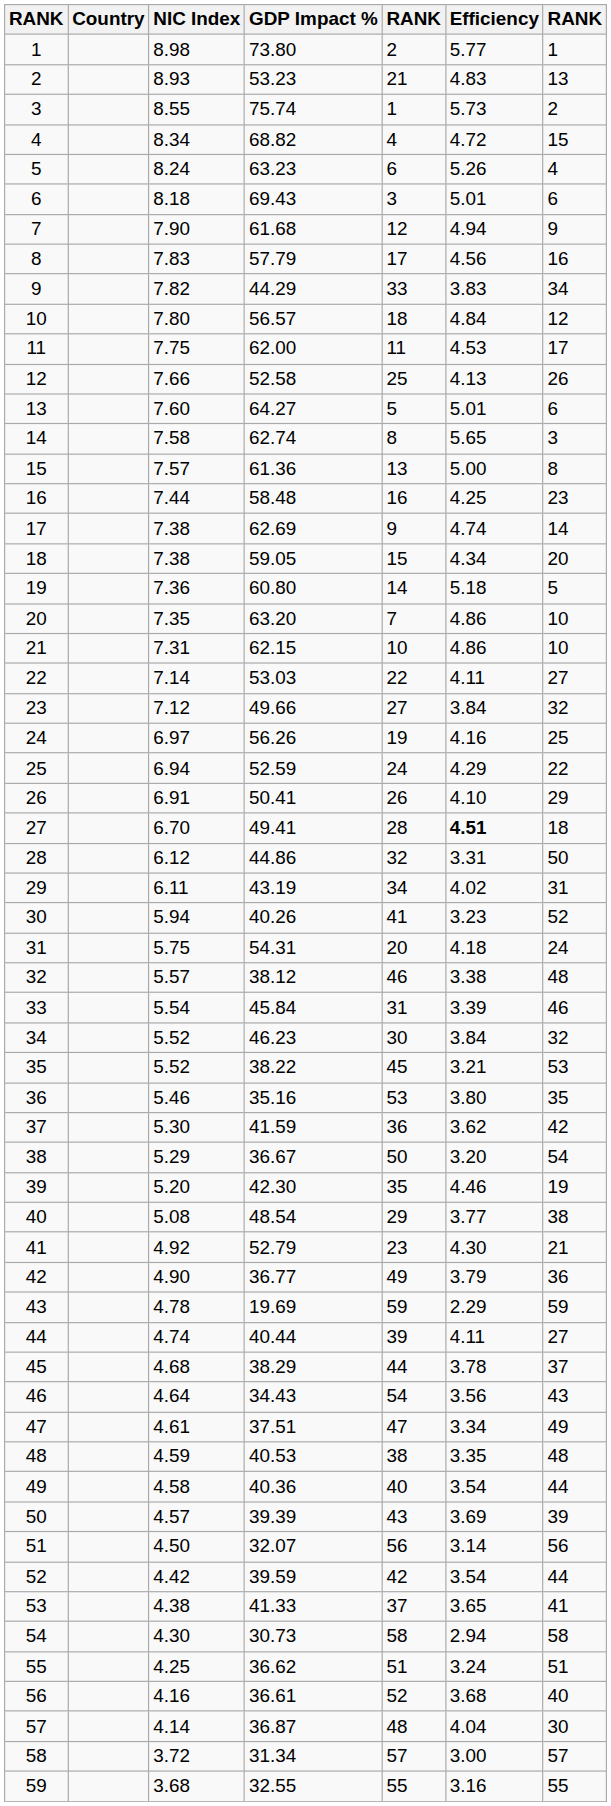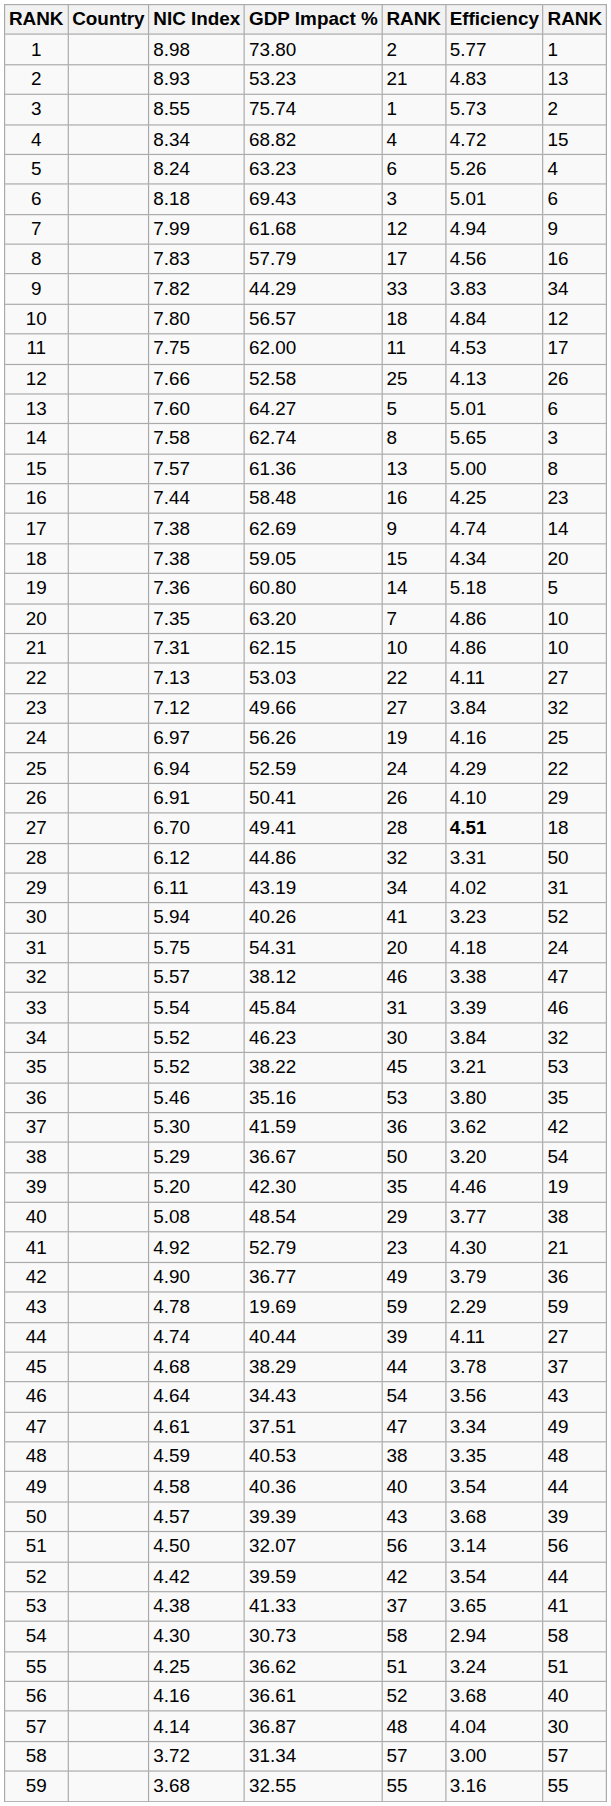 <table class="wikitable sortable">
 <tr>
 <th>RANK</th>
 <th>Country</th>
 <th>NIC Index</th>
 <th>GDP Impact %</th>
 <th>RANK</th>
 <th>Efficiency</th>
 <th>RANK</th>
 </tr>
 <tr>
 <td align=center>1</td>
 <td></td>
 <td>8.98</td>
 <td>73.80</td>
 <td>2</td>
 <td>5.77</td>
 <td>1</td>
 </tr>
 <tr>
 <td align=center>2</td>
 <td></td>
 <td>8.93</td>
 <td>53.23</td>
 <td>21</td>
 <td>4.83</td>
 <td>13</td>
 </tr>
 <tr>
 <td align=center>3</td>
 <td></td>
 <td>8.55</td>
 <td>75.74</td>
 <td>1</td>
 <td>5.73</td>
 <td>2</td>
 </tr>
 <tr>
 <td align=center>4</td>
 <td></td>
 <td>8.34</td>
 <td>68.82</td>
 <td>4</td>
 <td>4.72</td>
 <td>15</td>
 </tr>
 <tr>
 <td align=center>5</td>
 <td></td>
 <td>8.24</td>
 <td>63.23</td>
 <td>6</td>
 <td>5.26</td>
 <td>4</td>
 </tr>
 <tr>
 <td align=center>6</td>
 <td></td>
 <td>8.18</td>
 <td>69.43</td>
 <td>3</td>
 <td>5.01</td>
 <td>6</td>
 </tr>
 <tr>
 <td align=center>7</td>
 <td></td>
-<td>7.90</td>
+<td>7.99</td>
 <td>61.68</td>
 <td>12</td>
 <td>4.94</td>
 <td>9</td>
 </tr>
 <tr>
 <td align=center>8</td>
 <td></td>
 <td>7.83</td>
 <td>57.79</td>
 <td>17</td>
 <td>4.56</td>
 <td>16</td>
 </tr>
 <tr>
 <td align=center>9</td>
 <td></td>
 <td>7.82</td>
 <td>44.29</td>
 <td>33</td>
 <td>3.83</td>
 <td>34</td>
 </tr>
 <tr>
 <td align=center>10</td>
 <td></td>
 <td>7.80</td>
 <td>56.57</td>
 <td>18</td>
 <td>4.84</td>
 <td>12</td>
 </tr>
 <tr>
 <td align=center>11</td>
 <td></td>
 <td>7.75</td>
 <td>62.00</td>
 <td>11</td>
 <td>4.53</td>
 <td>17</td>
 </tr>
 <tr>
 <td align=center>12</td>
 <td></td>
 <td>7.66</td>
 <td>52.58</td>
 <td>25</td>
 <td>4.13</td>
 <td>26</td>
 </tr>
 <tr>
 <td align=center>13</td>
 <td></td>
 <td>7.60</td>
 <td>64.27</td>
 <td>5</td>
 <td>5.01</td>
 <td>6</td>
 </tr>
 <tr>
 <td align=center>14</td>
 <td></td>
 <td>7.58</td>
 <td>62.74</td>
 <td>8</td>
 <td>5.65</td>
 <td>3</td>
 </tr>
 <tr>
 <td align=center>15</td>
 <td></td>
 <td>7.57</td>
 <td>61.36</td>
 <td>13</td>
 <td>5.00</td>
 <td>8</td>
 </tr>
 <tr>
 <td align=center>16</td>
 <td></td>
 <td>7.44</td>
 <td>58.48</td>
 <td>16</td>
 <td>4.25</td>
 <td>23</td>
 </tr>
 <tr>
 <td align=center>17</td>
 <td></td>
 <td>7.38</td>
 <td>62.69</td>
 <td>9</td>
 <td>4.74</td>
 <td>14</td>
 </tr>
 <tr>
 <td align=center>18</td>
 <td></td>
 <td>7.38</td>
 <td>59.05</td>
 <td>15</td>
 <td>4.34</td>
 <td>20</td>
 </tr>
 <tr>
 <td align=center>19</td>
 <td></td>
 <td>7.36</td>
 <td>60.80</td>
 <td>14</td>
 <td>5.18</td>
 <td>5</td>
 </tr>
 <tr>
 <td align=center>20</td>
 <td></td>
 <td>7.35</td>
 <td>63.20</td>
 <td>7</td>
 <td>4.86</td>
 <td>10</td>
 </tr>
 <tr>
 <td align=center>21</td>
 <td></td>
 <td>7.31</td>
 <td>62.15</td>
 <td>10</td>
 <td>4.86</td>
 <td>10</td>
 </tr>
 <tr>
 <td align=center>22</td>
 <td></td>
-<td>7.14</td>
+<td>7.13</td>
 <td>53.03</td>
 <td>22</td>
 <td>4.11</td>
 <td>27</td>
 </tr>
 <tr>
 <td align=center>23</td>
 <td></td>
 <td>7.12</td>
 <td>49.66</td>
 <td>27</td>
 <td>3.84</td>
 <td>32</td>
 </tr>
 <tr>
 <td align=center>24</td>
 <td></td>
 <td>6.97</td>
 <td>56.26</td>
 <td>19</td>
 <td>4.16</td>
 <td>25</td>
 </tr>
 <tr>
 <td align=center>25</td>
 <td></td>
 <td>6.94</td>
 <td>52.59</td>
 <td>24</td>
 <td>4.29</td>
 <td>22</td>
 </tr>
 <tr>
 <td align=center>26</td>
 <td></td>
 <td>6.91</td>
 <td>50.41</td>
 <td>26</td>
 <td>4.10</td>
 <td>29</td>
 </tr>
 <tr>
 <td align=center>27</td>
 <td></td>
 <td>6.70</td>
 <td>49.41</td>
 <td>28</td>
 <td><strong>4.51</strong></td>
 <td>18</td>
 </tr>
 <tr>
 <td align=center>28</td>
 <td></td>
 <td>6.12</td>
 <td>44.86</td>
 <td>32</td>
 <td>3.31</td>
 <td>50</td>
 </tr>
 <tr>
 <td align=center>29</td>
 <td></td>
 <td>6.11</td>
 <td>43.19</td>
 <td>34</td>
 <td>4.02</td>
 <td>31</td>
 </tr>
 <tr>
 <td align=center>30</td>
 <td></td>
 <td>5.94</td>
 <td>40.26</td>
 <td>41</td>
 <td>3.23</td>
 <td>52</td>
 </tr>
 <tr>
 <td align=center>31</td>
 <td></td>
 <td>5.75</td>
 <td>54.31</td>
 <td>20</td>
 <td>4.18</td>
 <td>24</td>
 </tr>
 <tr>
 <td align=center>32</td>
 <td></td>
 <td>5.57</td>
 <td>38.12</td>
 <td>46</td>
 <td>3.38</td>
-<td>48</td>
+<td>47</td>
 </tr>
 <tr>
 <td align=center>33</td>
 <td></td>
 <td>5.54</td>
 <td>45.84</td>
 <td>31</td>
 <td>3.39</td>
 <td>46</td>
 </tr>
 <tr>
 <td align=center>34</td>
 <td></td>
 <td>5.52</td>
 <td>46.23</td>
 <td>30</td>
 <td>3.84</td>
 <td>32</td>
 </tr>
 <tr>
 <td align=center>35</td>
 <td></td>
 <td>5.52</td>
 <td>38.22</td>
 <td>45</td>
 <td>3.21</td>
 <td>53</td>
 </tr>
 <tr>
 <td align=center>36</td>
 <td></td>
 <td>5.46</td>
 <td>35.16</td>
 <td>53</td>
 <td>3.80</td>
 <td>35</td>
 </tr>
 <tr>
 <td align=center>37</td>
 <td></td>
 <td>5.30</td>
 <td>41.59</td>
 <td>36</td>
 <td>3.62</td>
 <td>42</td>
 </tr>
 <tr>
 <td align=center>38</td>
 <td></td>
 <td>5.29</td>
 <td>36.67</td>
 <td>50</td>
 <td>3.20</td>
 <td>54</td>
 </tr>
 <tr>
 <td align=center>39</td>
 <td></td>
 <td>5.20</td>
 <td>42.30</td>
 <td>35</td>
 <td>4.46</td>
 <td>19</td>
 </tr>
 <tr>
 <td align=center>40</td>
 <td></td>
 <td>5.08</td>
 <td>48.54</td>
 <td>29</td>
 <td>3.77</td>
 <td>38</td>
 </tr>
 <tr>
 <td align=center>41</td>
 <td></td>
 <td>4.92</td>
 <td>52.79</td>
 <td>23</td>
 <td>4.30</td>
 <td>21</td>
 </tr>
 <tr>
 <td align=center>42</td>
 <td></td>
 <td>4.90</td>
 <td>36.77</td>
 <td>49</td>
 <td>3.79</td>
 <td>36</td>
 </tr>
 <tr>
 <td align=center>43</td>
 <td></td>
 <td>4.78</td>
 <td>19.69</td>
 <td>59</td>
 <td>2.29</td>
 <td>59</td>
 </tr>
 <tr>
 <td align=center>44</td>
 <td></td>
 <td>4.74</td>
 <td>40.44</td>
 <td>39</td>
 <td>4.11</td>
 <td>27</td>
 </tr>
 <tr>
 <td align=center>45</td>
 <td></td>
 <td>4.68</td>
 <td>38.29</td>
 <td>44</td>
 <td>3.78</td>
 <td>37</td>
 </tr>
 <tr>
 <td align=center>46</td>
 <td></td>
 <td>4.64</td>
 <td>34.43</td>
 <td>54</td>
 <td>3.56</td>
 <td>43</td>
 </tr>
 <tr>
 <td align=center>47</td>
 <td></td>
 <td>4.61</td>
 <td>37.51</td>
 <td>47</td>
 <td>3.34</td>
 <td>49</td>
 </tr>
 <tr>
 <td align=center>48</td>
 <td></td>
 <td>4.59</td>
 <td>40.53</td>
 <td>38</td>
 <td>3.35</td>
 <td>48</td>
 </tr>
 <tr>
 <td align=center>49</td>
 <td></td>
 <td>4.58</td>
 <td>40.36</td>
 <td>40</td>
 <td>3.54</td>
 <td>44</td>
 </tr>
 <tr>
 <td align=center>50</td>
 <td></td>
 <td>4.57</td>
 <td>39.39</td>
 <td>43</td>
-<td>3.69</td>
+<td>3.68</td>
 <td>39</td>
 </tr>
 <tr>
 <td align=center>51</td>
 <td></td>
 <td>4.50</td>
 <td>32.07</td>
 <td>56</td>
 <td>3.14</td>
 <td>56</td>
 </tr>
 <tr>
 <td align=center>52</td>
 <td></td>
 <td>4.42</td>
 <td>39.59</td>
 <td>42</td>
 <td>3.54</td>
 <td>44</td>
 </tr>
 <tr>
 <td align=center>53</td>
 <td></td>
 <td>4.38</td>
 <td>41.33</td>
 <td>37</td>
 <td>3.65</td>
 <td>41</td>
 </tr>
 <tr>
 <td align=center>54</td>
 <td></td>
 <td>4.30</td>
 <td>30.73</td>
 <td>58</td>
 <td>2.94</td>
 <td>58</td>
 </tr>
 <tr>
 <td align=center>55</td>
 <td></td>
 <td>4.25</td>
 <td>36.62</td>
 <td>51</td>
 <td>3.24</td>
 <td>51</td>
 </tr>
 <tr>
 <td align=center>56</td>
 <td></td>
 <td>4.16</td>
 <td>36.61</td>
 <td>52</td>
 <td>3.68</td>
 <td>40</td>
 </tr>
 <tr>
 <td align=center>57</td>
 <td></td>
 <td>4.14</td>
 <td>36.87</td>
 <td>48</td>
 <td>4.04</td>
 <td>30</td>
 </tr>
 <tr>
 <td align=center>58</td>
 <td></td>
 <td>3.72</td>
 <td>31.34</td>
 <td>57</td>
 <td>3.00</td>
 <td>57</td>
 </tr>
 <tr>
 <td align=center>59</td>
 <td></td>
 <td>3.68</td>
 <td>32.55</td>
 <td>55</td>
 <td>3.16</td>
 <td>55</td>
 </tr>
 </table>
